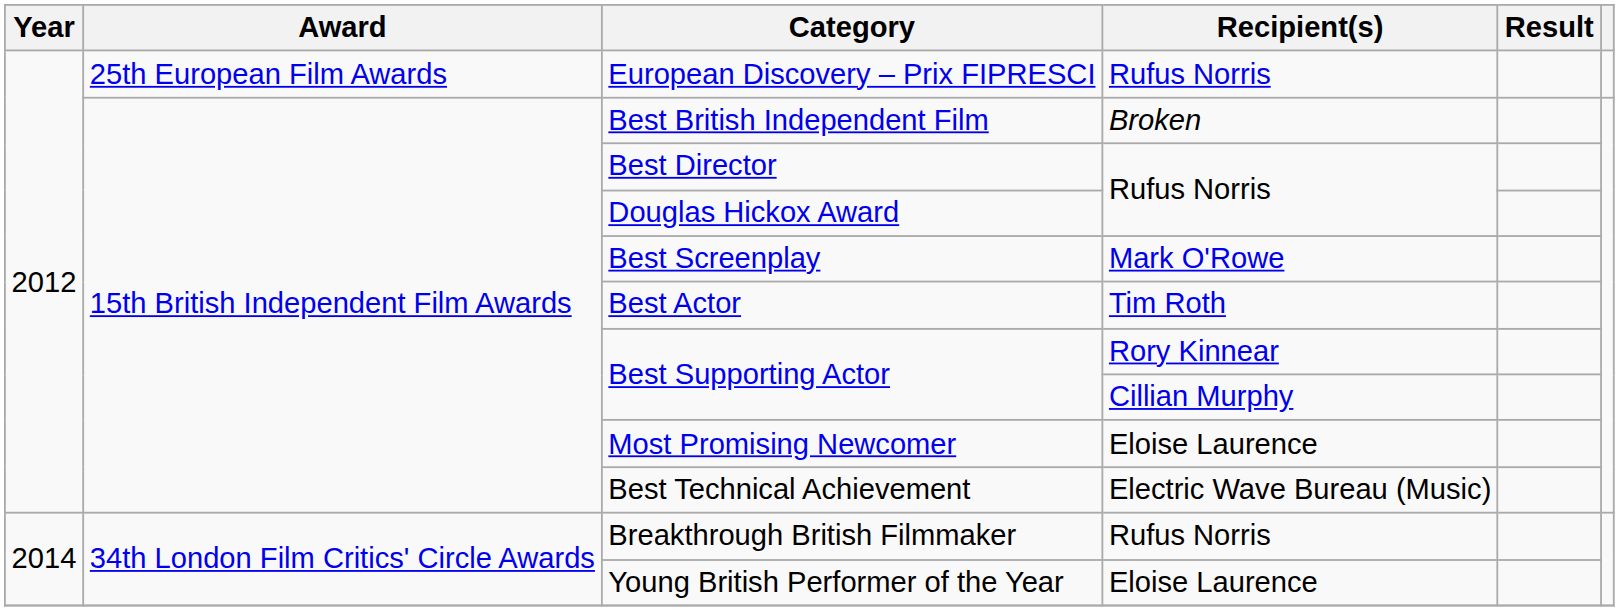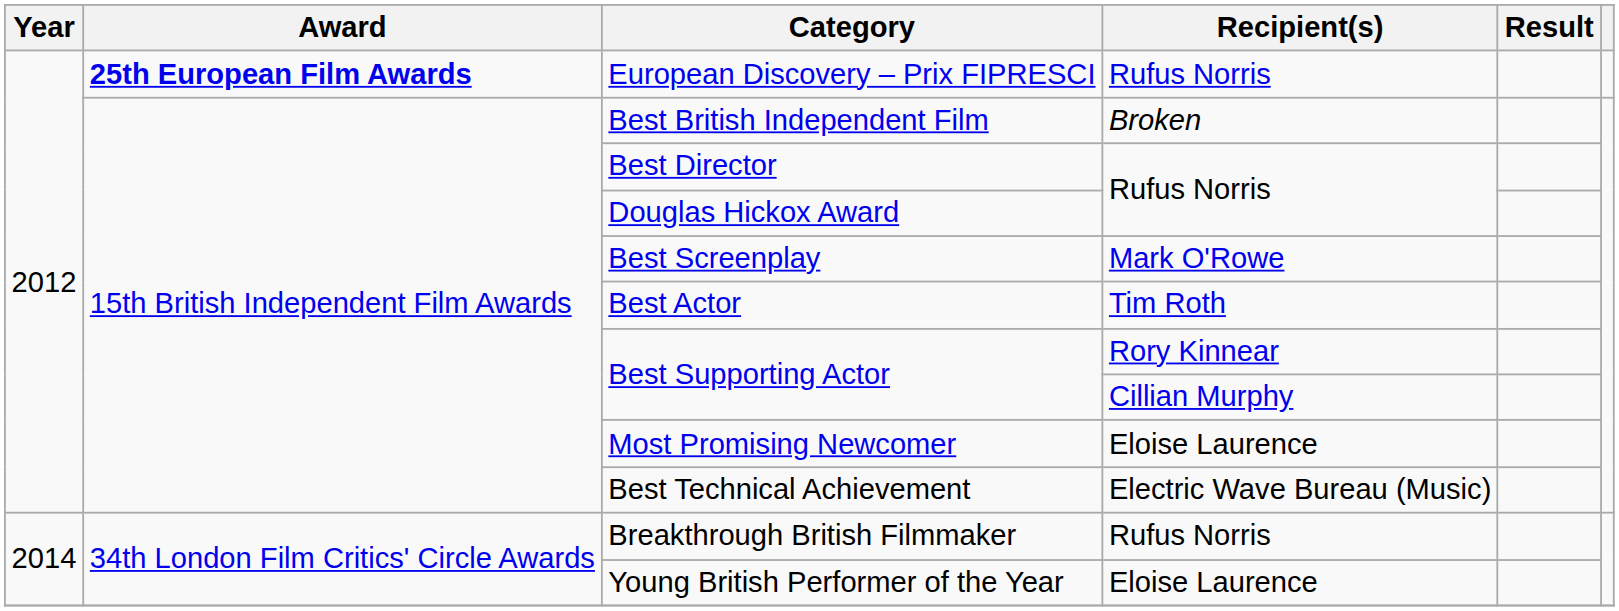 <table class="wikitable sortable plainrowheaders">
 <tr>
 <th scope="col">Year</th>
 <th scope="col">Award</th>
 <th scope="col">Category</th>
 <th scope="col">Recipient(s)</th>
 <th scope="col">Result</th>
 <th scope="col" class="unsortable"></th>
 </tr>
 <tr>
 <td align="center" rowspan="10">2012</td>
-<td><a href='#'>25th European Film Awards</a></td>
+<td><strong><a href='#'>25th European Film Awards</a></strong></td>
 <td><a href='#'>European Discovery – Prix FIPRESCI</a></td>
 <td><a href='#'>Rufus Norris</a></td>
 <td></td>
 <td align="center"></td>
 </tr>
 <tr>
 <td rowspan="9"><a href='#'>15th British Independent Film Awards</a></td>
 <td><a href='#'>Best British Independent Film</a></td>
 <td><em>Broken</em></td>
 <td></td>
 <td align="center" rowspan="9"></td>
 </tr>
 <tr>
 <td><a href='#'>Best Director</a></td>
 <td rowspan="2">Rufus Norris</td>
 <td></td>
 </tr>
 <tr>
 <td><a href='#'>Douglas Hickox Award</a></td>
 <td></td>
 </tr>
 <tr>
 <td><a href='#'>Best Screenplay</a></td>
 <td><a href='#'>Mark O'Rowe</a></td>
 <td></td>
 </tr>
 <tr>
 <td><a href='#'>Best Actor</a></td>
 <td><a href='#'>Tim Roth</a></td>
 <td></td>
 </tr>
 <tr>
 <td rowspan="2"><a href='#'>Best Supporting Actor</a></td>
 <td><a href='#'>Rory Kinnear</a></td>
 <td></td>
 </tr>
 <tr>
 <td><a href='#'>Cillian Murphy</a></td>
 <td></td>
 </tr>
 <tr>
 <td><a href='#'>Most Promising Newcomer</a></td>
 <td>Eloise Laurence</td>
 <td></td>
 </tr>
 <tr>
 <td>Best Technical Achievement</td>
 <td>Electric Wave Bureau (Music)</td>
 <td></td>
 </tr>
 <tr>
 <td align="center" rowspan="2">2014</td>
 <td rowspan="2"><a href='#'>34th London Film Critics' Circle Awards</a></td>
 <td>Breakthrough British Filmmaker</td>
 <td>Rufus Norris</td>
 <td></td>
 <td align="center" rowspan="2"></td>
 </tr>
 <tr>
 <td>Young British Performer of the Year</td>
 <td>Eloise Laurence</td>
 <td></td>
 </tr>
 <tr>
 </tr>
 </table>
